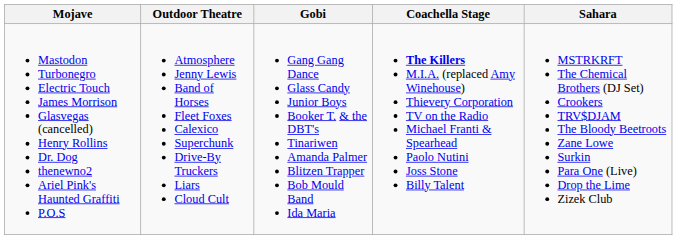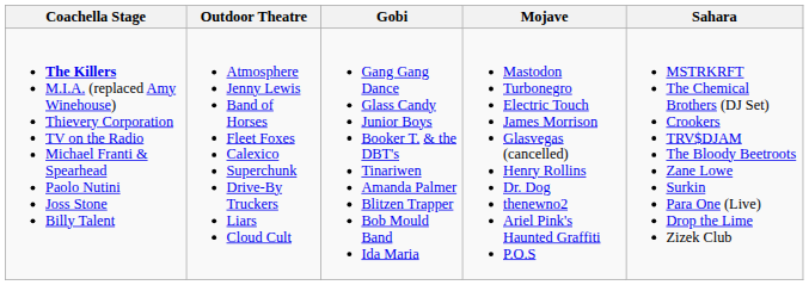 <table class="wikitable">
 <tr>
-<th>Mojave</th>
+<th>Coachella Stage</th>
 <th>Outdoor Theatre</th>
 <th>Gobi</th>
-<th>Coachella Stage</th>
+<th>Mojave</th>
 <th>Sahara</th>
 </tr>
 <tr valign="top">
-<td><br><ul><li><a href='#'>Mastodon</a></li><li><a href='#'>Turbonegro</a></li><li><a href='#'>Electric Touch</a></li><li><a href='#'>James Morrison</a></li><li><a href='#'>Glasvegas</a> (cancelled)</li><li><a href='#'>Henry Rollins</a></li><li><a href='#'>Dr. Dog</a></li><li><a href='#'>thenewno2</a></li><li><a href='#'>Ariel Pink's Haunted Graffiti</a></li><li><a href='#'>P.O.S</a></li></ul></td>
+<td><br><ul><li><strong><a href='#'>The Killers</a></strong></li><li><a href='#'>M.I.A.</a> (replaced <a href='#'>Amy Winehouse</a>)</li><li><a href='#'>Thievery Corporation</a></li><li><a href='#'>TV on the Radio</a></li><li><a href='#'>Michael Franti & Spearhead</a></li><li><a href='#'>Paolo Nutini</a></li><li><a href='#'>Joss Stone</a></li><li><a href='#'>Billy Talent</a></li></ul></td>
 <td><br><ul><li><a href='#'>Atmosphere</a></li><li><a href='#'>Jenny Lewis</a></li><li><a href='#'>Band of Horses</a></li><li><a href='#'>Fleet Foxes</a></li><li><a href='#'>Calexico</a></li><li><a href='#'>Superchunk</a></li><li><a href='#'>Drive-By Truckers</a></li><li><a href='#'>Liars</a></li><li><a href='#'>Cloud Cult</a></li></ul></td>
 <td><br><ul><li><a href='#'>Gang Gang Dance</a></li><li><a href='#'>Glass Candy</a></li><li><a href='#'>Junior Boys</a></li><li><a href='#'>Booker T.</a> <a href='#'>& the DBT's</a></li><li><a href='#'>Tinariwen</a></li><li><a href='#'>Amanda Palmer</a></li><li><a href='#'>Blitzen Trapper</a></li><li><a href='#'>Bob Mould Band</a></li><li><a href='#'>Ida Maria</a></li></ul></td>
-<td><br><ul><li><strong><a href='#'>The Killers</a></strong></li><li><a href='#'>M.I.A.</a> (replaced <a href='#'>Amy Winehouse</a>)</li><li><a href='#'>Thievery Corporation</a></li><li><a href='#'>TV on the Radio</a></li><li><a href='#'>Michael Franti & Spearhead</a></li><li><a href='#'>Paolo Nutini</a></li><li><a href='#'>Joss Stone</a></li><li><a href='#'>Billy Talent</a></li></ul></td>
+<td><br><ul><li><a href='#'>Mastodon</a></li><li><a href='#'>Turbonegro</a></li><li><a href='#'>Electric Touch</a></li><li><a href='#'>James Morrison</a></li><li><a href='#'>Glasvegas</a> (cancelled)</li><li><a href='#'>Henry Rollins</a></li><li><a href='#'>Dr. Dog</a></li><li><a href='#'>thenewno2</a></li><li><a href='#'>Ariel Pink's Haunted Graffiti</a></li><li><a href='#'>P.O.S</a></li></ul></td>
 <td><br><ul><li><a href='#'>MSTRKRFT</a></li><li><a href='#'>The Chemical Brothers</a> (DJ Set)</li><li><a href='#'>Crookers</a></li><li><a href='#'>TRV$DJAM</a></li><li><a href='#'>The Bloody Beetroots</a></li><li><a href='#'>Zane Lowe</a></li><li><a href='#'>Surkin</a></li><li><a href='#'>Para One</a> (Live)</li><li><a href='#'>Drop the Lime</a></li><li>Zizek Club</li></ul></td>
 </tr>
 </table>
